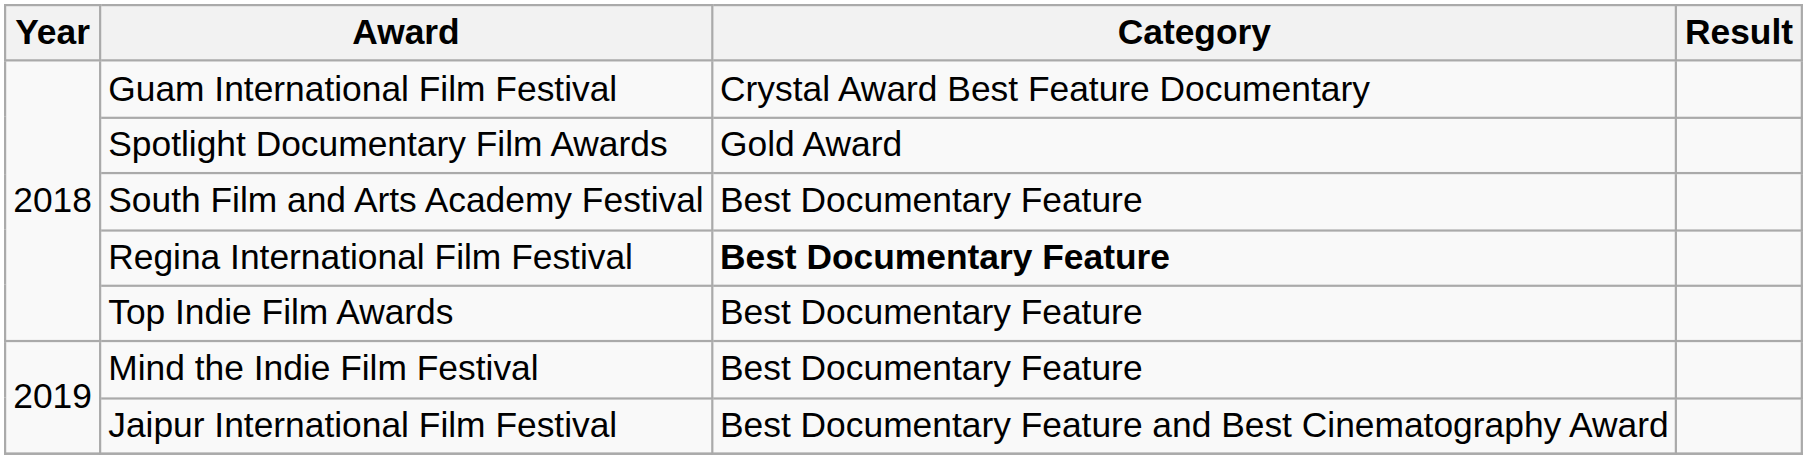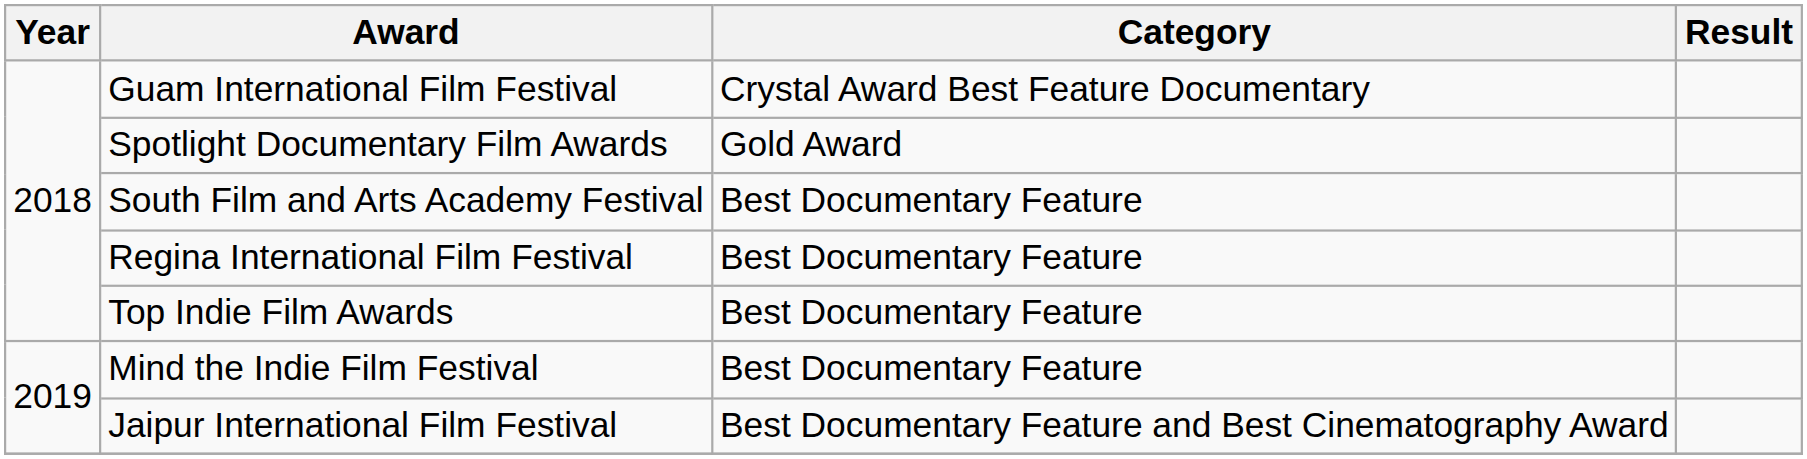 <table class="wikitable">
 <tr>
 <th>Year</th>
 <th>Award</th>
 <th>Category</th>
 <th>Result</th>
 </tr>
 <tr>
 <td rowspan="5">2018</td>
 <td>Guam International Film Festival</td>
 <td>Crystal Award Best Feature Documentary</td>
 <td></td>
 </tr>
 <tr>
 <td>Spotlight Documentary Film Awards</td>
 <td>Gold Award</td>
 <td></td>
 </tr>
 <tr>
 <td>South Film and Arts Academy Festival</td>
 <td>Best Documentary Feature</td>
 <td></td>
 </tr>
 <tr>
 <td>Regina International Film Festival</td>
-<td><strong>Best Documentary Feature</strong></td>
+<td>Best Documentary Feature</td>
 <td></td>
 </tr>
 <tr>
 <td>Top Indie Film Awards</td>
 <td>Best Documentary Feature</td>
 <td></td>
 </tr>
 <tr>
 <td rowspan="2">2019</td>
 <td>Mind the Indie Film Festival</td>
 <td>Best Documentary Feature</td>
 <td></td>
 </tr>
 <tr>
 <td>Jaipur International Film Festival</td>
 <td>Best Documentary Feature and Best Cinematography Award</td>
 <td></td>
 </tr>
 <tr>
 </tr>
 </table>
